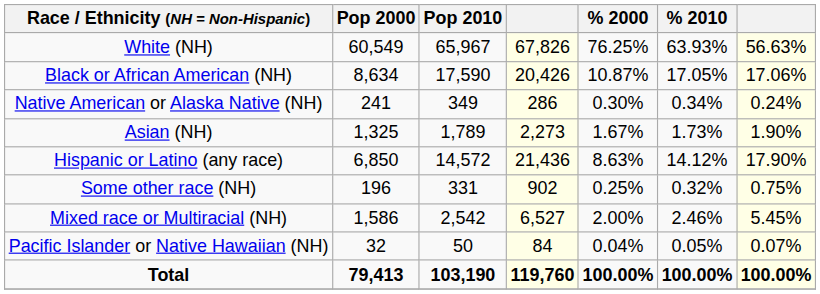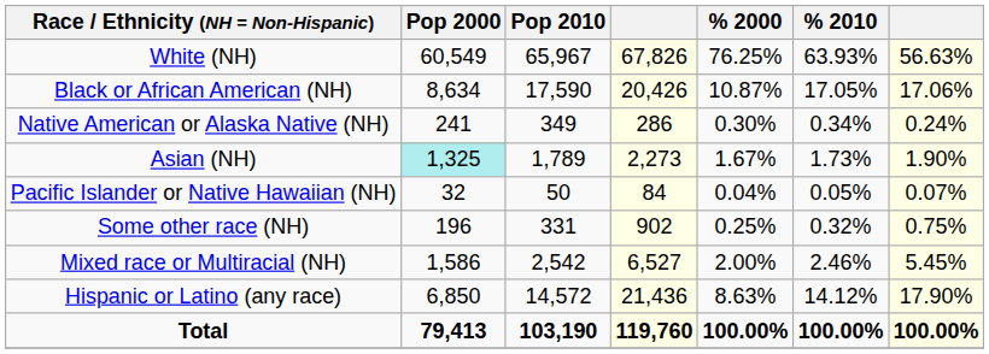 <table class="wikitable" style="text-align:center;">
 <tr>
 <th>Race / Ethnicity <small>(<em>NH = Non-Hispanic</em>)</small></th>
 <th>Pop 2000</th>
 <th>Pop 2010</th>
 <th></th>
 <th>% 2000</th>
 <th>% 2010</th>
 <th></th>
 </tr>
 <tr>
 <td><a href='#'>White</a> (NH)</td>
 <td>60,549</td>
 <td>65,967</td>
 <td style='background: #ffffe6;'>67,826</td>
 <td>76.25%</td>
 <td>63.93%</td>
 <td style='background: #ffffe6;'>56.63%</td>
 </tr>
 <tr>
 <td><a href='#'>Black or African American</a> (NH)</td>
 <td>8,634</td>
 <td>17,590</td>
 <td style='background: #ffffe6;'>20,426</td>
 <td>10.87%</td>
 <td>17.05%</td>
 <td style='background: #ffffe6;'>17.06%</td>
 </tr>
 <tr>
 <td><a href='#'>Native American</a> or <a href='#'>Alaska Native</a> (NH)</td>
 <td>241</td>
 <td>349</td>
 <td style='background: #ffffe6;'>286</td>
 <td>0.30%</td>
 <td>0.34%</td>
 <td style='background: #ffffe6;'>0.24%</td>
 </tr>
 <tr>
 <td><a href='#'>Asian</a> (NH)</td>
-<td>1,325</td>
+<td style="background: paleturquoise;">1,325</td>
 <td>1,789</td>
 <td style='background: #ffffe6;'>2,273</td>
 <td>1.67%</td>
 <td>1.73%</td>
 <td style='background: #ffffe6;'>1.90%</td>
 </tr>
 <tr>
-<td><a href='#'>Hispanic or Latino</a> (any race)</td>
-<td>6,850</td>
-<td>14,572</td>
-<td style='background: #ffffe6;'>21,436</td>
-<td>8.63%</td>
-<td>14.12%</td>
-<td style='background: #ffffe6;'>17.90%</td>
+<td><a href='#'>Pacific Islander</a> or <a href='#'>Native Hawaiian</a> (NH)</td>
+<td>32</td>
+<td>50</td>
+<td style='background: #ffffe6;'>84</td>
+<td>0.04%</td>
+<td>0.05%</td>
+<td style='background: #ffffe6;'>0.07%</td>
 </tr>
 <tr>
 <td><a href='#'>Some other race</a> (NH)</td>
 <td>196</td>
 <td>331</td>
 <td style='background: #ffffe6;'>902</td>
 <td>0.25%</td>
 <td>0.32%</td>
 <td style='background: #ffffe6;'>0.75%</td>
 </tr>
 <tr>
 <td><a href='#'>Mixed race or Multiracial</a> (NH)</td>
 <td>1,586</td>
 <td>2,542</td>
 <td style='background: #ffffe6;'>6,527</td>
 <td>2.00%</td>
 <td>2.46%</td>
 <td style='background: #ffffe6;'>5.45%</td>
 </tr>
 <tr>
-<td><a href='#'>Pacific Islander</a> or <a href='#'>Native Hawaiian</a> (NH)</td>
-<td>32</td>
-<td>50</td>
-<td style='background: #ffffe6;'>84</td>
-<td>0.04%</td>
-<td>0.05%</td>
-<td style='background: #ffffe6;'>0.07%</td>
+<td><a href='#'>Hispanic or Latino</a> (any race)</td>
+<td>6,850</td>
+<td>14,572</td>
+<td style='background: #ffffe6;'>21,436</td>
+<td>8.63%</td>
+<td>14.12%</td>
+<td style='background: #ffffe6;'>17.90%</td>
 </tr>
 <tr>
 <td><strong>Total</strong></td>
 <td><strong>79,413</strong></td>
 <td><strong>103,190</strong></td>
 <td style='background: #ffffe6;'><strong>119,760</strong></td>
 <td><strong>100.00%</strong></td>
 <td><strong>100.00%</strong></td>
 <td style='background: #ffffe6;'><strong>100.00%</strong></td>
 </tr>
 <tr>
 </tr>
 </table>
